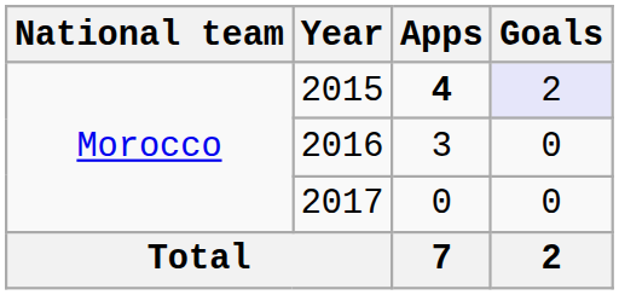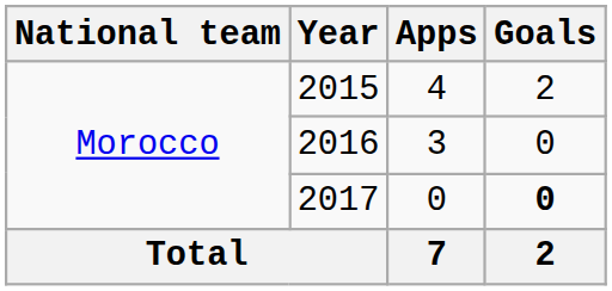 <table class="wikitable" style="text-align:center">
 <tr>
 <th>National team</th>
 <th>Year</th>
 <th>Apps</th>
 <th>Goals</th>
 </tr>
 <tr>
 <td rowspan="3"><a href='#'>Morocco</a></td>
 <td>2015</td>
-<td><strong>4</strong></td>
-<td style="background: lavender;">2</td>
+<td>4</td>
+<td>2</td>
 </tr>
 <tr>
 <td>2016</td>
 <td>3</td>
 <td>0</td>
 </tr>
 <tr>
 <td>2017</td>
 <td>0</td>
-<td>0</td>
+<td><strong>0</strong></td>
 </tr>
 <tr>
 <th colspan=2>Total</th>
 <th>7</th>
 <th>2</th>
 </tr>
 </table>
